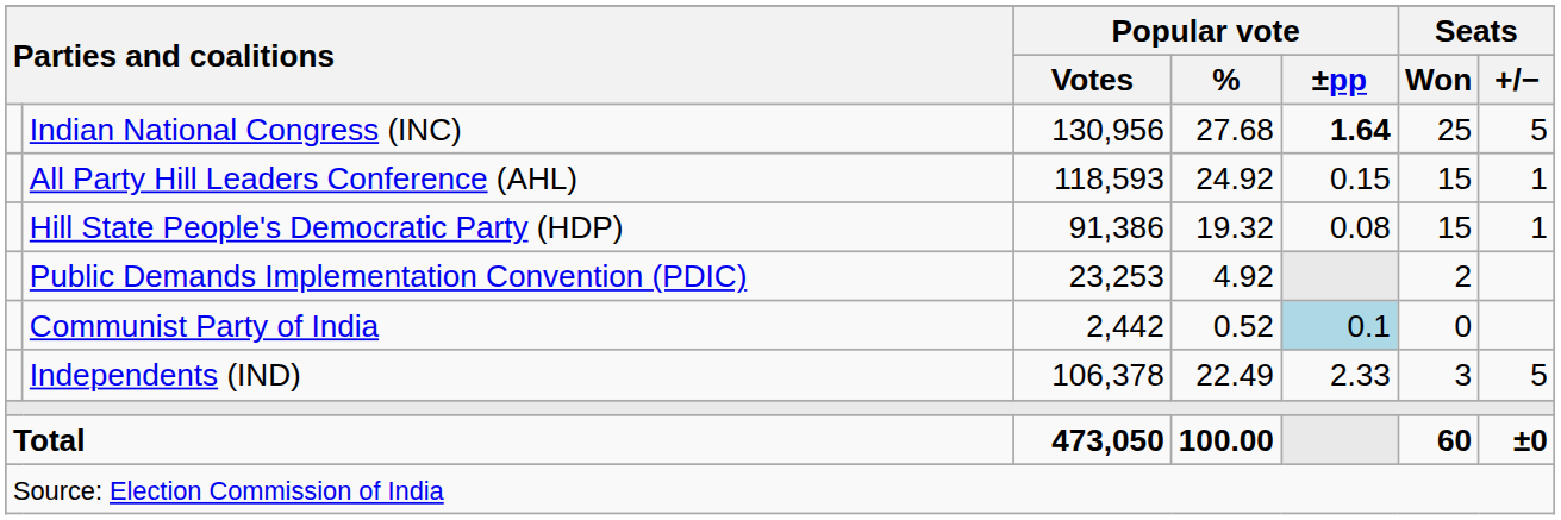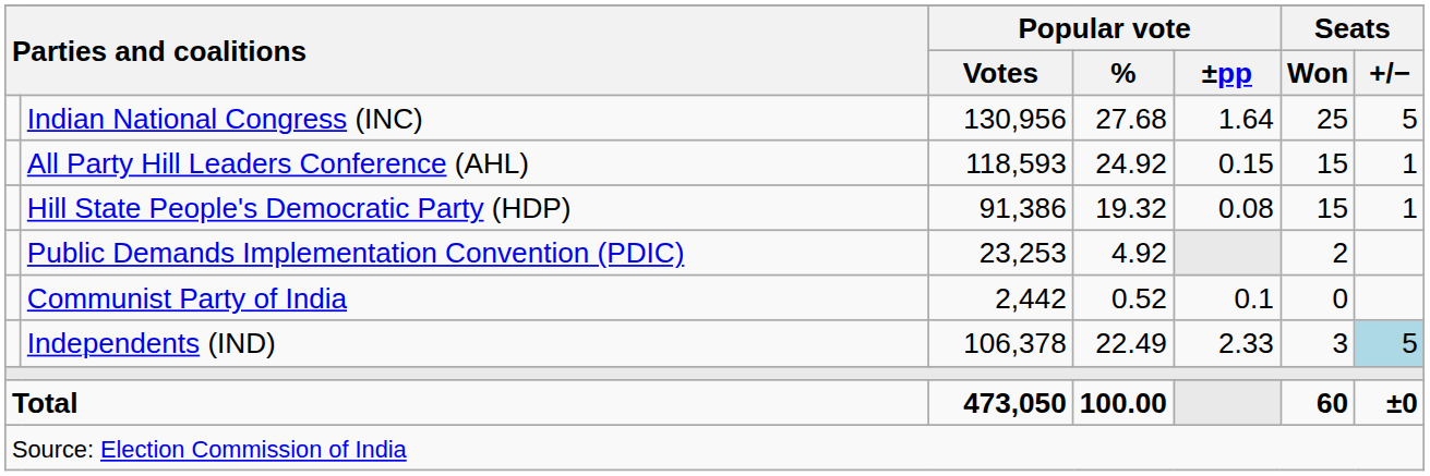 <table class="wikitable" style="text-align:right; font-size:95%;">
 <tr>
 </tr>
 <tr>
 <th style="text-align:left;" rowspan="2" colspan="2" width="485">Parties and coalitions</th>
 <th colspan="3">Popular vote</th>
 <th colspan="2">Seats</th>
 </tr>
 <tr>
 <th width="70">Votes</th>
 <th width="45">%</th>
 <th width="50">±<a href='#'>pp</a></th>
 <th width="30">Won</th>
 <th width="30">+/−</th>
 </tr>
 <tr>
 <td width="1" style="color:inherit;background:"></td>
 <td align="left"><a href='#'>Indian National Congress</a> (INC)</td>
 <td>130,956</td>
 <td>27.68</td>
-<td><strong>1.64 </strong></td>
+<td>1.64 </td>
 <td>25</td>
 <td>5 </td>
 </tr>
 <tr>
 <td width="1" style="color:inherit;background:"></td>
 <td align="left"><a href='#'>All Party Hill Leaders Conference</a> (AHL)</td>
 <td>118,593</td>
 <td>24.92</td>
 <td>0.15 </td>
 <td>15</td>
 <td>1 </td>
 </tr>
 <tr>
 <td width="1" style="color:inherit;background:"></td>
 <td align="left"><a href='#'>Hill State People's Democratic Party</a> (HDP)</td>
 <td>91,386</td>
 <td>19.32</td>
 <td>0.08 </td>
 <td>15</td>
 <td>1 </td>
 </tr>
 <tr>
 <td></td>
 <td align="left"><a href='#'>Public Demands Implementation Convention (PDIC)</a></td>
 <td>23,253</td>
 <td>4.92</td>
 <td style="color:inherit;background:#E9E9E9"></td>
 <td>2</td>
 <td> </td>
 </tr>
 <tr>
 <td></td>
 <td align="left"><a href='#'>Communist Party of India</a></td>
 <td>2,442</td>
 <td>0.52</td>
-<td style="background: lightblue;">0.1 </td>
+<td>0.1 </td>
 <td>0</td>
 <td></td>
 </tr>
 <tr>
 <td></td>
 <td align="left"><a href='#'>Independents</a> (IND)</td>
 <td>106,378</td>
 <td>22.49</td>
 <td>2.33 </td>
 <td>3</td>
-<td>5 </td>
+<td style="background: lightblue;">5 </td>
 </tr>
 <tr>
 <td colspan="7" bgcolor="#E9E9E9"></td>
 </tr>
 <tr style="font-weight:bold;">
 <td align="left" colspan="2">Total</td>
 <td>473,050</td>
 <td>100.00</td>
 <td bgcolor="#E9E9E9"></td>
 <td>60</td>
 <td>±0</td>
 </tr>
 <tr>
 <td style="text-align:left;" colspan="7"><small>Source: <a href='#'>Election Commission of India</a></small></td>
 </tr>
 </table>
